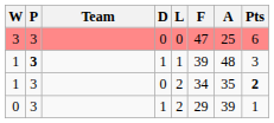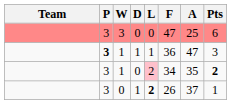 <table class="wikitable" style="text-align:center;">
 <tr>
+<th width="120px">Team</th>
+<th>P</th>
 <th>W</th>
-<th>P</th>
-<th width="120px">Team</th>
 <th>D</th>
 <th>L</th>
 <th width="23px">F</th>
 <th width="23px">A</th>
 <th width="23px">Pts</th>
 </tr>
 <tr bgcolor="#FF8888">
+<td></td>
 <td>3</td>
 <td>3</td>
-<td></td>
 <td>0</td>
 <td>0</td>
 <td>47</td>
 <td>25</td>
 <td>6</td>
 </tr>
 <tr>
-<td>1</td>
+<td></td>
 <td><strong>3</strong></td>
-<td></td>
 <td>1</td>
 <td>1</td>
-<td>39</td>
-<td>48</td>
+<td>1</td>
+<td>36</td>
+<td>47</td>
 <td>3</td>
 </tr>
 <tr>
+<td></td>
+<td>3</td>
 <td>1</td>
-<td>3</td>
-<td></td>
 <td>0</td>
-<td>2</td>
+<td style="background: pink;">2</td>
 <td>34</td>
 <td>35</td>
 <td><strong>2</strong></td>
 </tr>
 <tr>
+<td></td>
+<td>3</td>
 <td>0</td>
-<td>3</td>
-<td></td>
 <td>1</td>
-<td>2</td>
-<td>29</td>
-<td>39</td>
+<td><strong>2</strong></td>
+<td>26</td>
+<td>37</td>
 <td>1</td>
 </tr>
 </table>
